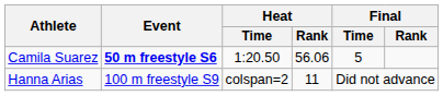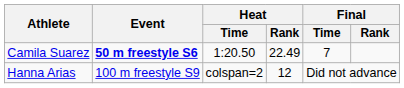 <table class=wikitable style=font-size:90%;text-align:center>
 <tr>
 <th rowspan=2>Athlete</th>
 <th rowspan=2>Event</th>
 <th colspan=2>Heat</th>
 <th colspan=2>Final</th>
 </tr>
 <tr style=font-size:95%>
 <th>Time</th>
 <th>Rank</th>
 <th>Time</th>
 <th>Rank</th>
 </tr>
 <tr align=center>
 <td align=left><a href='#'>Camila Suarez</a></td>
 <td align=left><strong><a href='#'>50 m freestyle S6</a></strong></td>
 <td>1:20.50</td>
-<td>56.06</td>
-<td>5</td>
+<td>22.49</td>
+<td>7</td>
 </tr>
 <tr align=center>
 <td align=left><a href='#'>Hanna Arias</a></td>
 <td align=left><a href='#'>100 m freestyle S9</a></td>
 <td>colspan=2 </td>
-<td>11</td>
+<td>12</td>
 <td colspan=2>Did not advance</td>
 </tr>
 </table>
